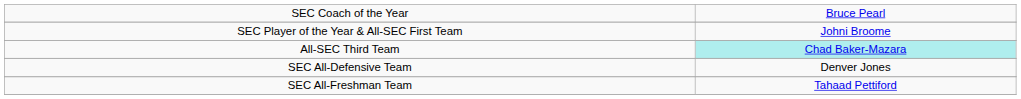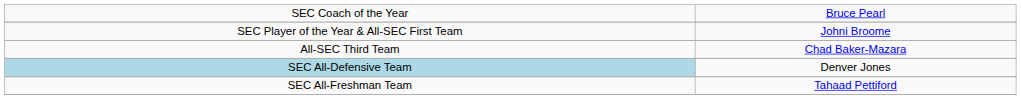 <table class="wikitable" style="width: 90%;text-align: center;">
 <tr align="center">
 <td rowspan="1">SEC Coach of the Year</td>
 <td><a href='#'>Bruce Pearl</a></td>
 </tr>
 <tr>
 </tr>
 <tr align="center">
 <td rowspan="1">SEC Player of the Year & All-SEC First Team</td>
 <td><a href='#'>Johni Broome</a></td>
 </tr>
 <tr>
 </tr>
 <tr align="center">
 <td rowspan="1">All-SEC Third Team</td>
-<td style="background: paleturquoise;"><a href='#'>Chad Baker-Mazara</a></td>
+<td><a href='#'>Chad Baker-Mazara</a></td>
 </tr>
 <tr>
 </tr>
 <tr align="center">
-<td rowspan="1">SEC All-Defensive Team</td>
+<td rowspan="1" style="background: lightblue;">SEC All-Defensive Team</td>
 <td>Denver Jones</td>
 </tr>
 <tr>
 </tr>
 <tr align="center">
 <td rowspan="1">SEC All-Freshman Team</td>
 <td><a href='#'>Tahaad Pettiford</a></td>
 </tr>
 <tr>
 </tr>
 </table>
